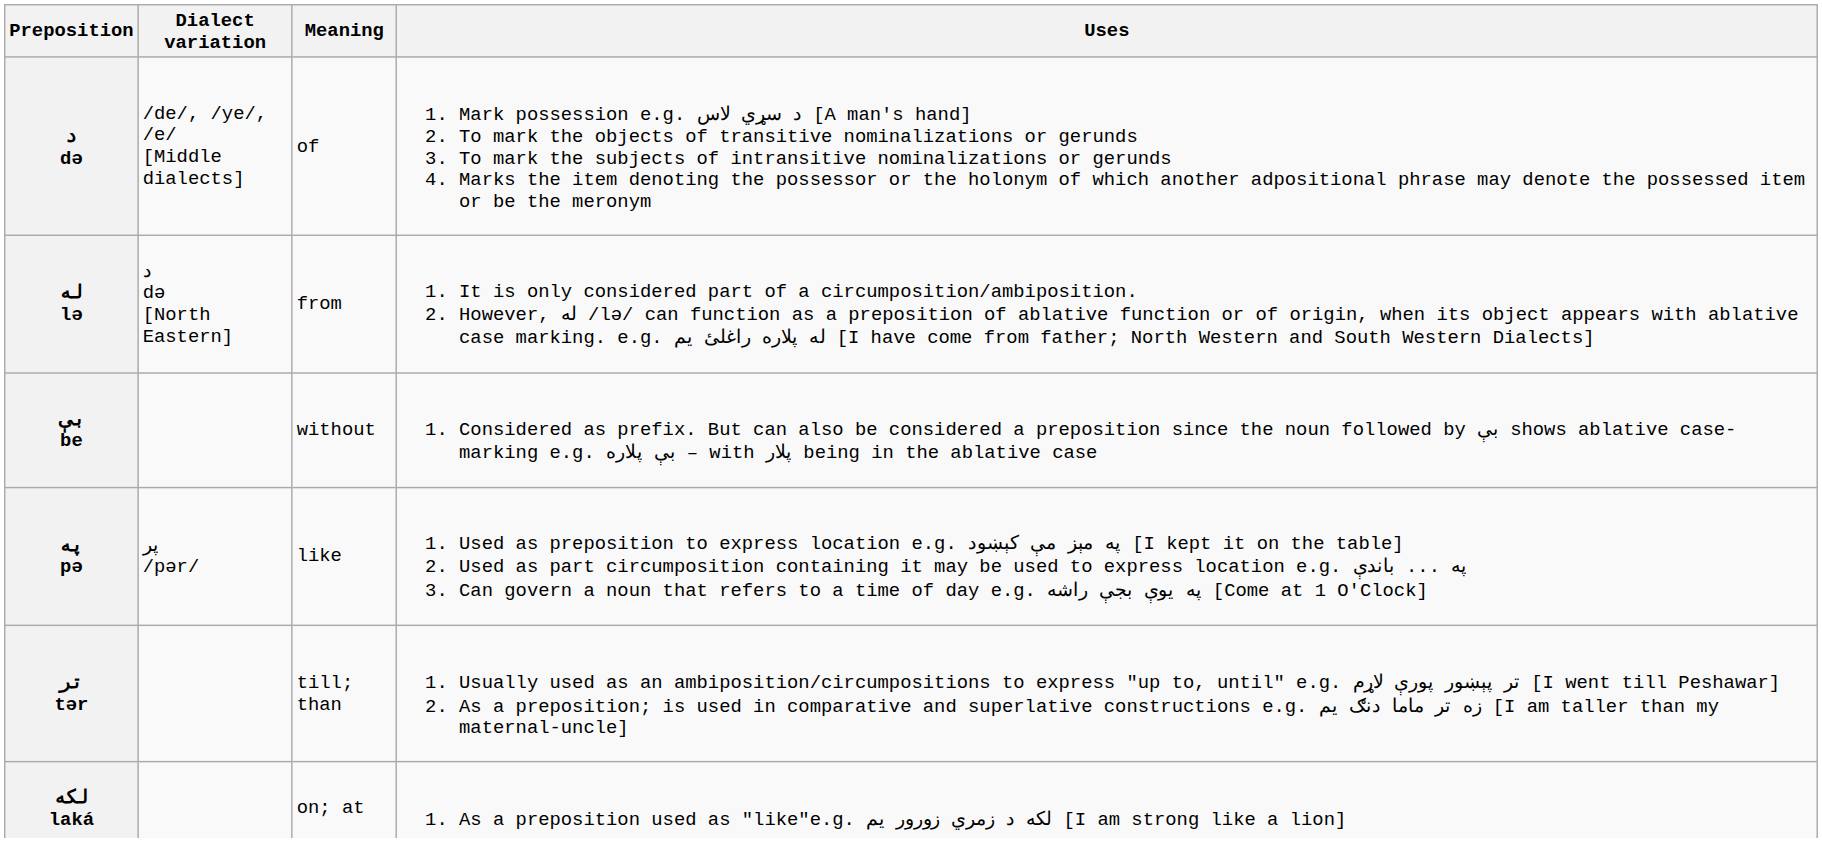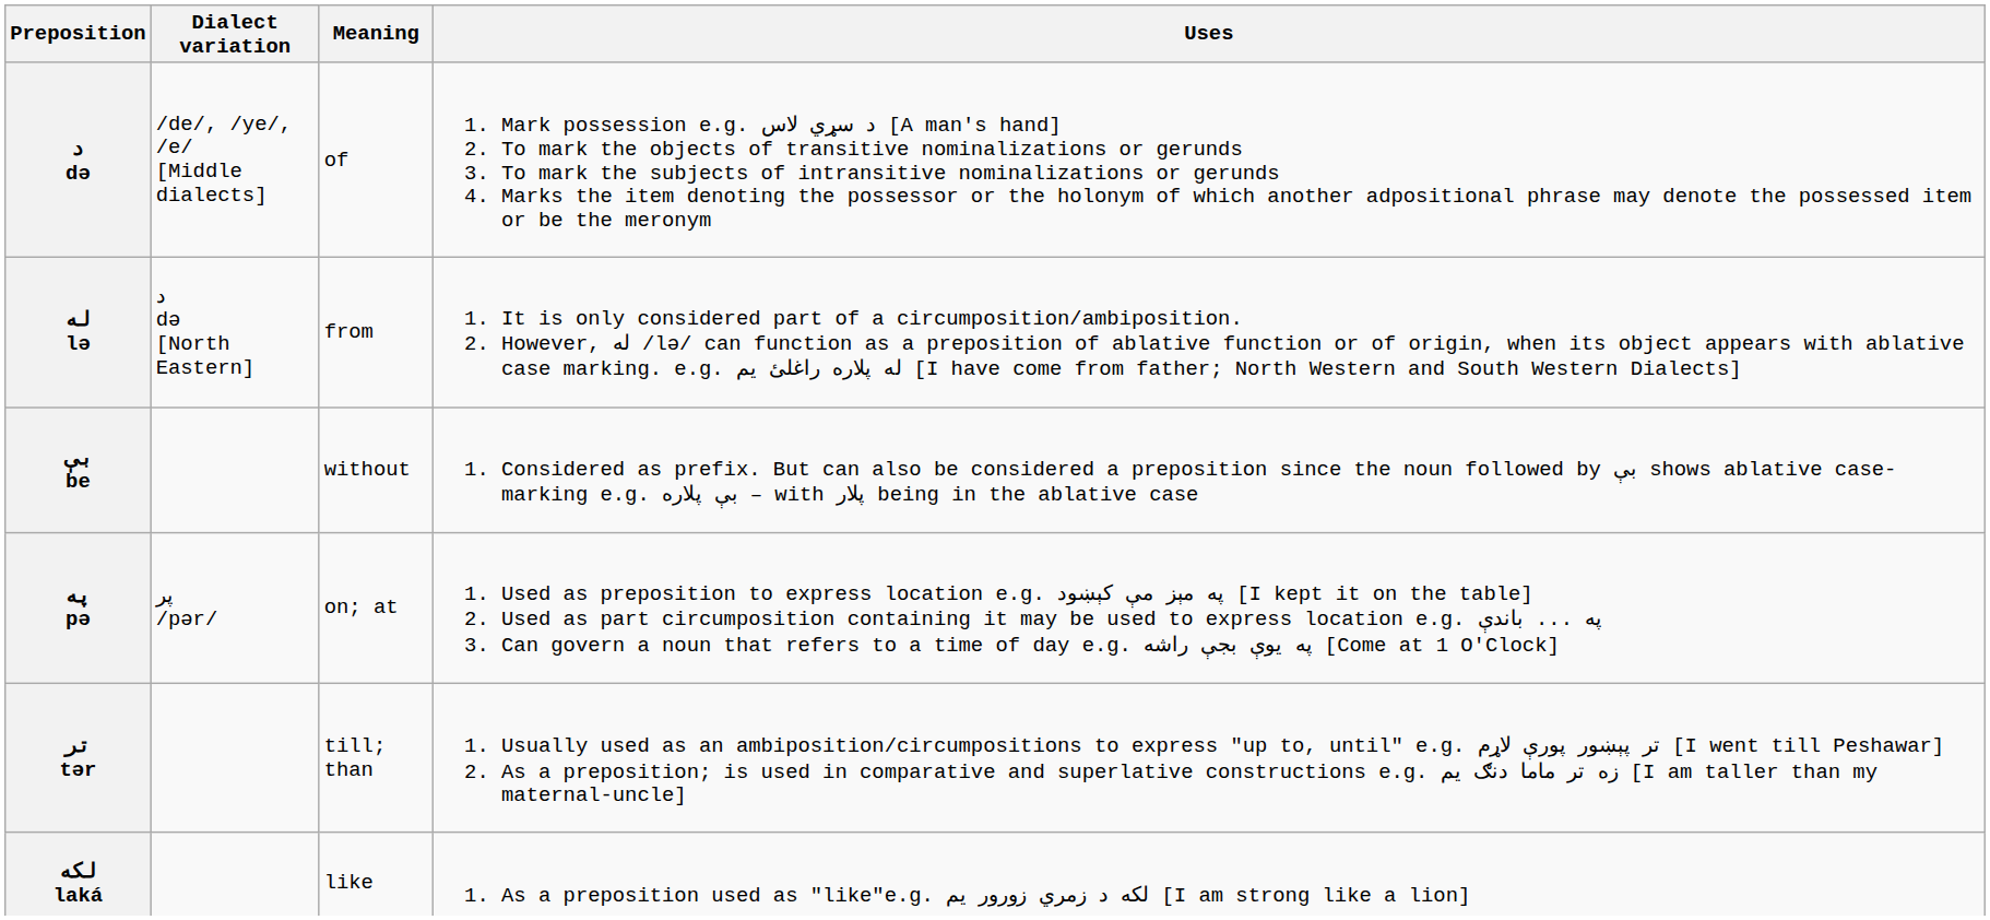 <table class="wikitable">
 <tr>
 <th>Preposition</th>
 <th>Dialect variation</th>
 <th>Meaning</th>
 <th>Uses</th>
 </tr>
 <tr>
 <th>د<br>də</th>
 <td>/de/, /ye/, /e/<br>[Middle dialects]</td>
 <td>of</td>
 <td><br><ol><li>Mark possession e.g. د سړي لاس [A man's hand]</li><li>To mark the objects of transitive nominalizations or gerunds</li><li>To mark the subjects of intransitive nominalizations or gerunds</li><li>Marks the item denoting the possessor or the holonym of which another adpositional phrase may denote the possessed item or be the meronym</li></ol></td>
 </tr>
 <tr>
 <th>له<br>lə</th>
 <td>د<br>də<br>[North Eastern]</td>
 <td>from</td>
 <td><br><ol><li>It is only considered part of a circumposition/ambiposition.</li><li>However, له /lə/ can function as a preposition of ablative function or of origin, when its object appears with ablative case marking. e.g. له پلاره راغلئ یم [I have come from father; North Western and South Western Dialects]</li></ol></td>
 </tr>
 <tr>
 <th>بې<br>be</th>
 <td></td>
 <td>without</td>
 <td><br><ol><li>Considered as prefix. But can also be considered a preposition since the noun followed by بې shows ablative case-marking e.g. بې پلاره – with پلار being in the ablative case</li></ol></td>
 </tr>
 <tr>
 <th>په<br>pə</th>
 <td>پر<br>/pər/</td>
-<td>like</td>
+<td>on; at</td>
 <td><br><ol><li>Used as preposition to express location e.g. په مېز مې کېښود [I kept it on the table]</li><li>Used as part circumposition containing it may be used to express location e.g. په ... باندې</li><li>Can govern a noun that refers to a time of day e.g. په يوې بجې راشه [Come at 1 O'Clock]</li></ol></td>
 </tr>
 <tr>
 <th>تر<br>tər</th>
 <td></td>
 <td>till; than</td>
 <td><br><ol><li>Usually used as an ambiposition/circumpositions to express "up to, until" e.g. تر پېښور پورې لاړم [I went till Peshawar]</li><li>As a preposition; is used in comparative and superlative constructions e.g. زه تر ماما دنګ يم [I am taller than my maternal-uncle]</li></ol></td>
 </tr>
 <tr>
 <th>لکه<br>laká</th>
 <td></td>
-<td>on; at</td>
+<td>like</td>
 <td><br><ol><li>As a preposition used as "like"e.g. لکه د زمري زورور يم [I am strong like a lion]</li></ol></td>
 </tr>
 </table>
